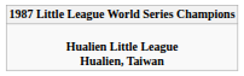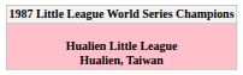 <table class="wikitable" style="text-align: center; margin: 0 auto;">
 <tr>
 <th>1987 Little League World Series Champions</th>
 </tr>
 <tr>
-<td><br><strong>Hualien Little League</strong><br><strong>Hualien, Taiwan</strong></td>
+<td style="background: pink;"><br><strong>Hualien Little League</strong><br><strong>Hualien, Taiwan</strong></td>
 </tr>
 </table>
